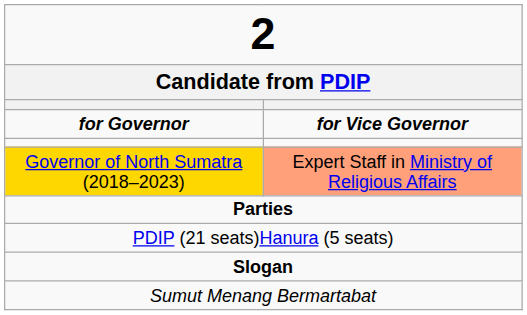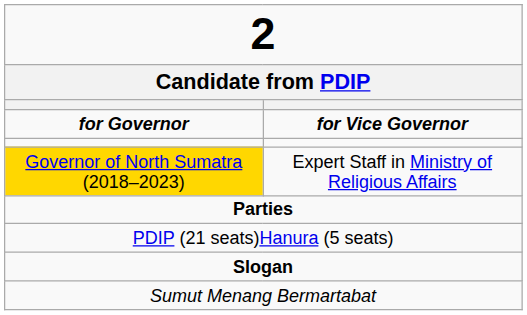 <table class="wikitable" style="font-size:90%; text-align:center;">
 <tr>
 <td colspan=2><big><big><big><big><big><strong>2</strong></big></big></big></big></big></td>
 </tr>
 <tr |>
 <th colspan=2><strong><big>Candidate from <a href='#'>PDIP</a></big></strong></th>
 </tr>
 <tr>
 <th style="width:3em; font-size:135%; background:#"><a href='#'></a></th>
 <th style="width:3em; font-size:135%; background:#"></th>
 </tr>
 <tr style="color:#000; font-size:100%; background:#">
 <td style="width:3em; width:200px;"><strong><em>for Governor</em></strong></td>
 <td style="width:3em; width:200px;"><strong><em>for Vice Governor</em></strong></td>
 </tr>
 <tr>
 <td></td>
 <td></td>
 </tr>
 <tr>
 <td style="background: gold;"><a href='#'>Governor of North Sumatra</a> (2018–2023)</td>
-<td style="background: lightsalmon;">Expert Staff in <a href='#'>Ministry of Religious Affairs</a></td>
+<td>Expert Staff in <a href='#'>Ministry of Religious Affairs</a></td>
 </tr>
 <tr>
 <td colspan=2 style="background:#"><strong>Parties</strong></td>
 </tr>
 <tr>
 <td colspan=2> <a href='#'>PDIP</a> (21 seats)<a href='#'>Hanura</a> (5 seats)</td>
 </tr>
 <tr>
 <td colspan="2"><strong>Slogan</strong></td>
 </tr>
 <tr>
 <td colspan="2"><em>Sumut Menang Bermartabat</em></td>
 </tr>
 </table>
